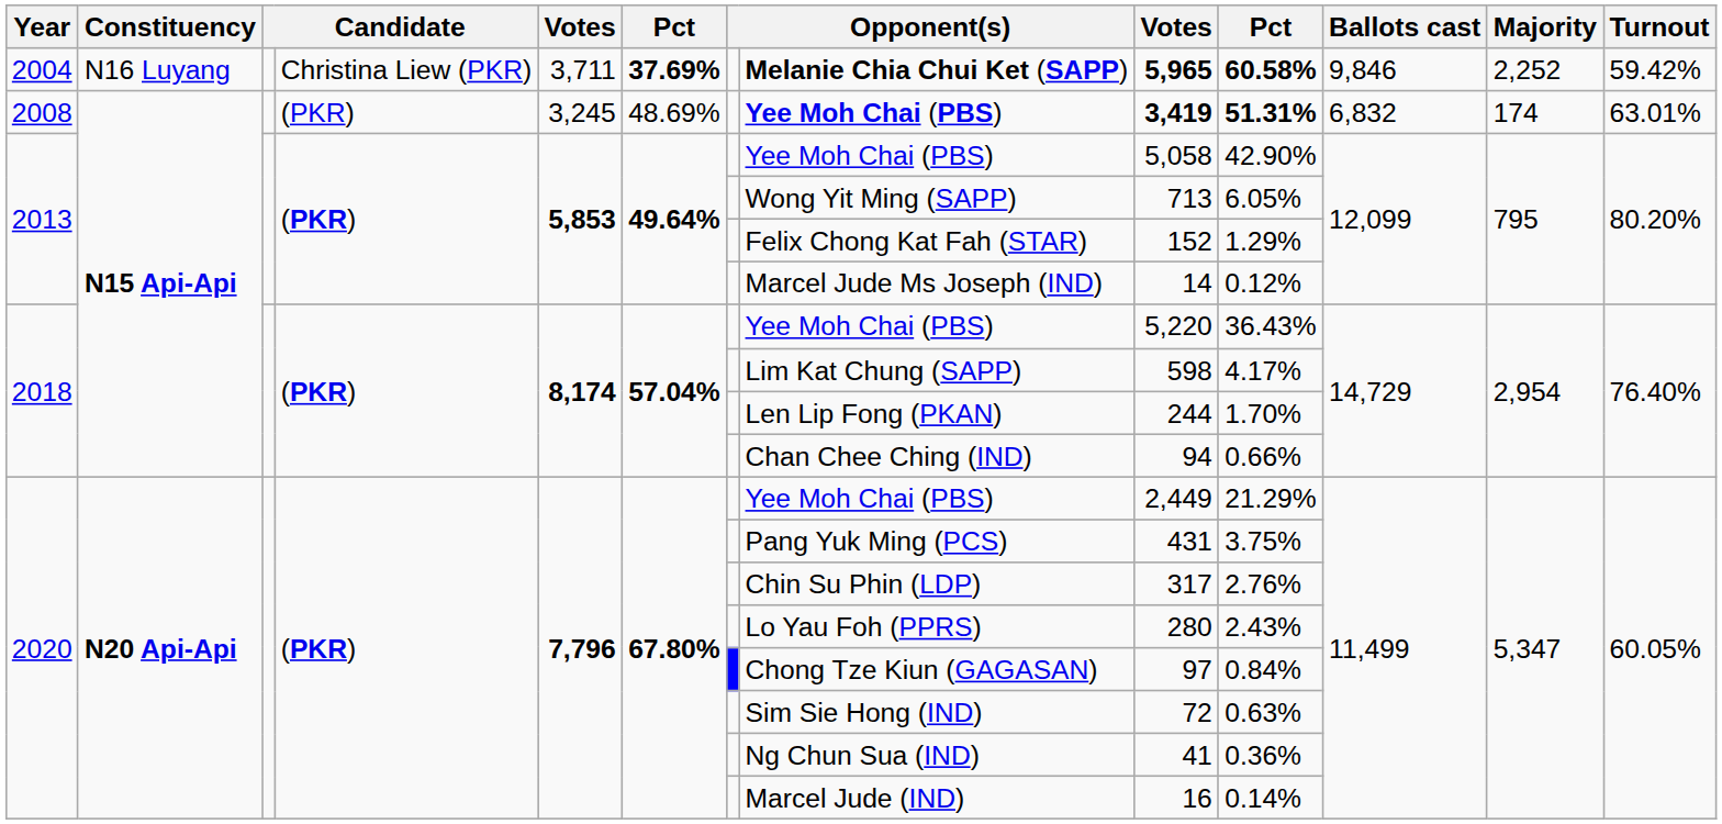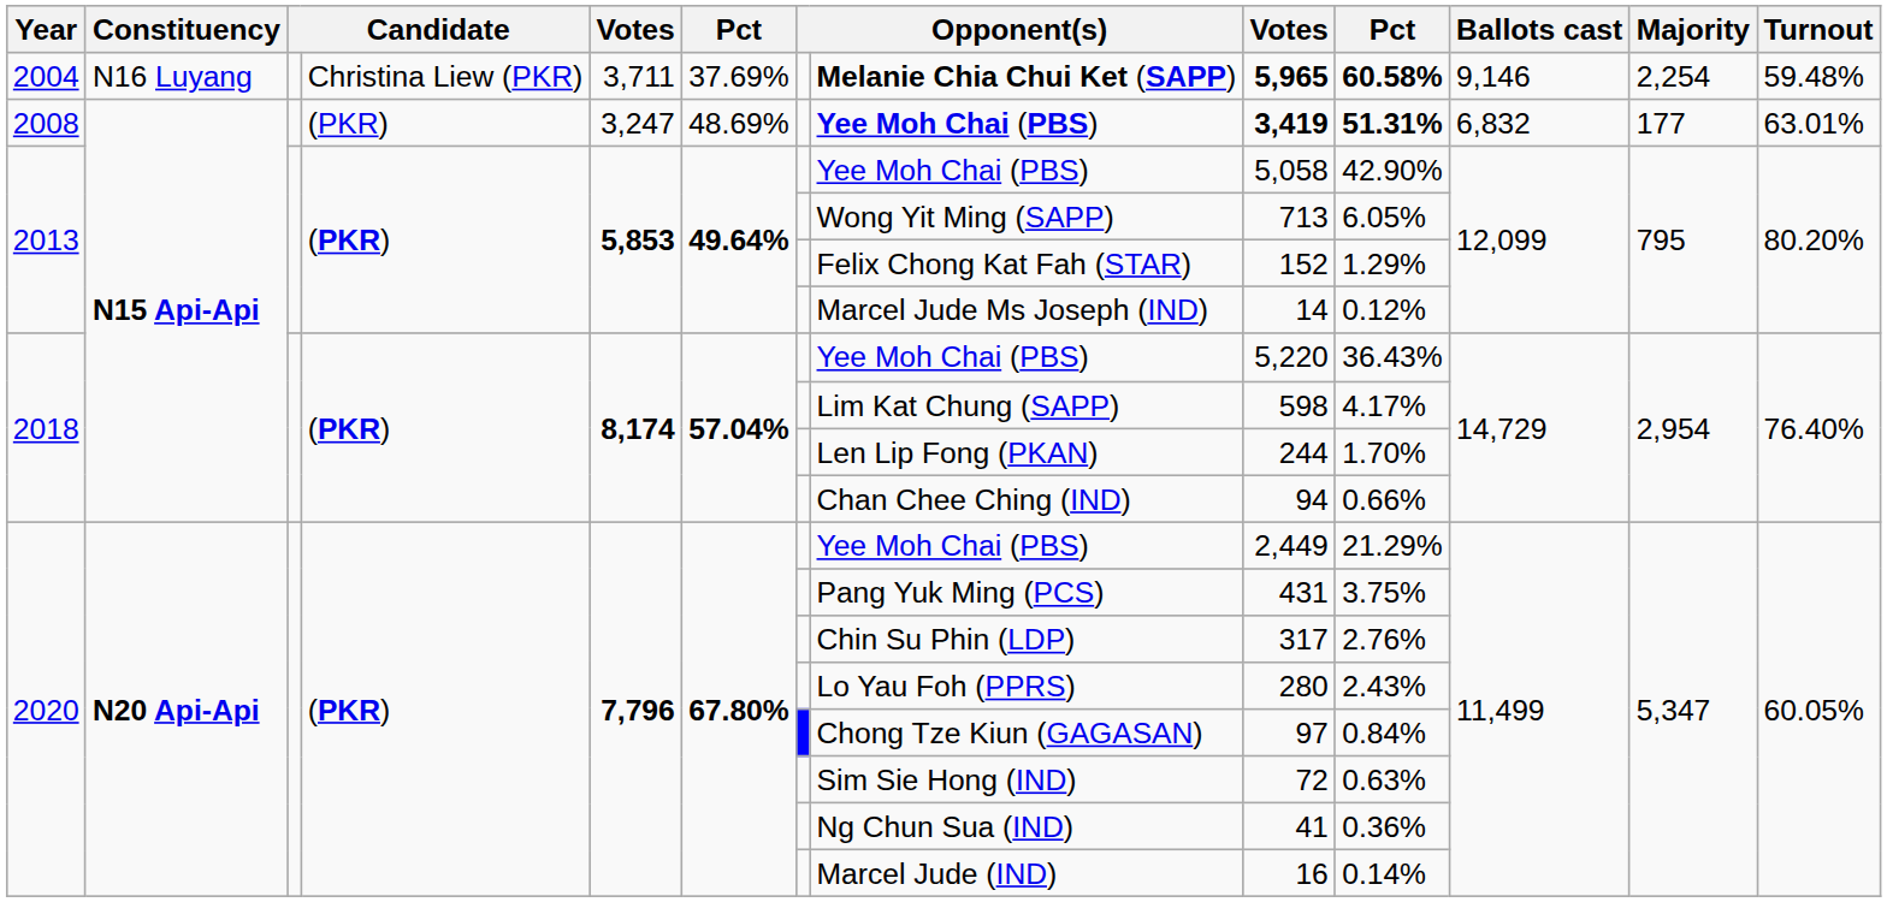 <table class="wikitable" style="margin:0.5em ; font-size:95%">
 <tr>
 <th>Year</th>
 <th>Constituency</th>
 <th colspan=2>Candidate</th>
 <th>Votes</th>
 <th>Pct</th>
 <th colspan=2>Opponent(s)</th>
 <th>Votes</th>
 <th>Pct</th>
 <th>Ballots cast</th>
 <th>Majority</th>
 <th>Turnout</th>
 </tr>
 <tr>
 <td><a href='#'>2004</a></td>
 <td>N16 <a href='#'>Luyang</a></td>
 <td></td>
 <td>Christina Liew (<a href='#'>PKR</a>)</td>
 <td align=right>3,711</td>
-<td><strong>37.69%</strong></td>
+<td>37.69%</td>
 <td></td>
 <td><strong>Melanie Chia Chui Ket</strong> (<a href='#'><strong>SAPP</strong></a>)</td>
 <td align=right><strong>5,965</strong></td>
 <td><strong>60.58%</strong></td>
-<td>9,846</td>
-<td>2,252</td>
-<td>59.42%</td>
+<td>9,146</td>
+<td>2,254</td>
+<td>59.48%</td>
 </tr>
 <tr>
 <td><a href='#'>2008</a></td>
 <td rowspan=9><strong>N15 <a href='#'>Api-Api</a></strong></td>
 <td></td>
 <td> (<a href='#'>PKR</a>)</td>
-<td align=right>3,245</td>
+<td align=right>3,247</td>
 <td>48.69%</td>
 <td></td>
 <td><strong><a href='#'>Yee Moh Chai</a></strong> (<a href='#'><strong>PBS</strong></a>)</td>
 <td align="right"><strong>3,419</strong></td>
 <td><strong>51.31%</strong></td>
 <td>6,832</td>
-<td>174</td>
+<td>177</td>
 <td>63.01%</td>
 </tr>
 <tr>
 <td rowspan="4"><a href='#'>2013</a></td>
 <td rowspan="4" ></td>
 <td rowspan="4"> (<a href='#'><strong>PKR</strong></a>)</td>
 <td rowspan="4" align="right"><strong>5,853</strong></td>
 <td rowspan="4"><strong>49.64%</strong></td>
 <td></td>
 <td><a href='#'>Yee Moh Chai</a> (<a href='#'>PBS</a>)</td>
 <td align="right">5,058</td>
 <td>42.90%</td>
 <td rowspan="4">12,099</td>
 <td rowspan="4">795</td>
 <td rowspan="4">80.20%</td>
 </tr>
 <tr>
 <td></td>
 <td>Wong Yit Ming (<a href='#'>SAPP</a>)</td>
 <td align="right">713</td>
 <td>6.05%</td>
 </tr>
 <tr>
 <td></td>
 <td>Felix Chong Kat Fah (<a href='#'>STAR</a>)</td>
 <td align="right">152</td>
 <td>1.29%</td>
 </tr>
 <tr>
 <td></td>
 <td>Marcel Jude Ms Joseph (<a href='#'>IND</a>)</td>
 <td align="right">14</td>
 <td>0.12%</td>
 </tr>
 <tr>
 <td rowspan=4><a href='#'>2018</a></td>
 <td rowspan=4 ></td>
 <td rowspan=4> (<a href='#'><strong>PKR</strong></a>)</td>
 <td rowspan=4 align="right"><strong>8,174</strong></td>
 <td rowspan=4><strong>57.04%</strong></td>
 <td></td>
 <td><a href='#'>Yee Moh Chai</a> (<a href='#'>PBS</a>)</td>
 <td align="right">5,220</td>
 <td>36.43%</td>
 <td rowspan=4>14,729</td>
 <td rowspan=4>2,954</td>
 <td rowspan=4>76.40%</td>
 </tr>
 <tr>
 <td></td>
 <td>Lim Kat Chung (<a href='#'>SAPP</a>)</td>
 <td align="right">598</td>
 <td>4.17%</td>
 </tr>
 <tr>
 <td></td>
 <td>Len Lip Fong (<a href='#'>PKAN</a>)</td>
 <td align="right">244</td>
 <td>1.70%</td>
 </tr>
 <tr>
 <td></td>
 <td>Chan Chee Ching (<a href='#'>IND</a>)</td>
 <td align="right">94</td>
 <td>0.66%</td>
 </tr>
 <tr>
 <td rowspan=8><a href='#'>2020</a></td>
 <td rowspan=8><strong>N20 <a href='#'>Api-Api</a></strong></td>
 <td rowspan=8 ></td>
 <td rowspan=8> (<a href='#'><strong>PKR</strong></a>)</td>
 <td rowspan=8 align="right"><strong>7,796</strong></td>
 <td rowspan=8><strong>67.80%</strong></td>
 <td></td>
 <td><a href='#'>Yee Moh Chai</a> (<a href='#'>PBS</a>)</td>
 <td align="right">2,449</td>
 <td>21.29%</td>
 <td rowspan=8>11,499</td>
 <td rowspan=8>5,347</td>
 <td rowspan=8>60.05%</td>
 </tr>
 <tr>
 <td></td>
 <td>Pang Yuk Ming (<a href='#'>PCS</a>)</td>
 <td align="right">431</td>
 <td>3.75%</td>
 </tr>
 <tr>
 <td></td>
 <td>Chin Su Phin (<a href='#'>LDP</a>)</td>
 <td align="right">317</td>
 <td>2.76%</td>
 </tr>
 <tr>
 <td></td>
 <td>Lo Yau Foh (<a href='#'>PPRS</a>)</td>
 <td align="right">280</td>
 <td>2.43%</td>
 </tr>
 <tr>
 <td bgcolor=blue></td>
 <td>Chong Tze Kiun (<a href='#'>GAGASAN</a>)</td>
 <td align="right">97</td>
 <td>0.84%</td>
 </tr>
 <tr>
 <td></td>
 <td>Sim Sie Hong (<a href='#'>IND</a>)</td>
 <td align="right">72</td>
 <td>0.63%</td>
 </tr>
 <tr>
 <td></td>
 <td>Ng Chun Sua (<a href='#'>IND</a>)</td>
 <td align="right">41</td>
 <td>0.36%</td>
 </tr>
 <tr>
 <td></td>
 <td>Marcel Jude (<a href='#'>IND</a>)</td>
 <td align="right">16</td>
 <td>0.14%</td>
 </tr>
 </table>
